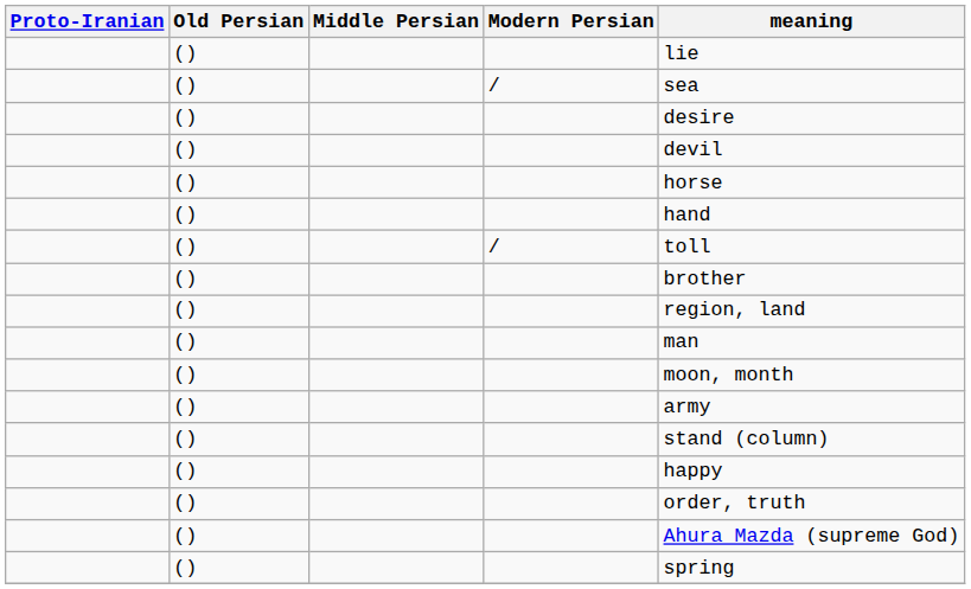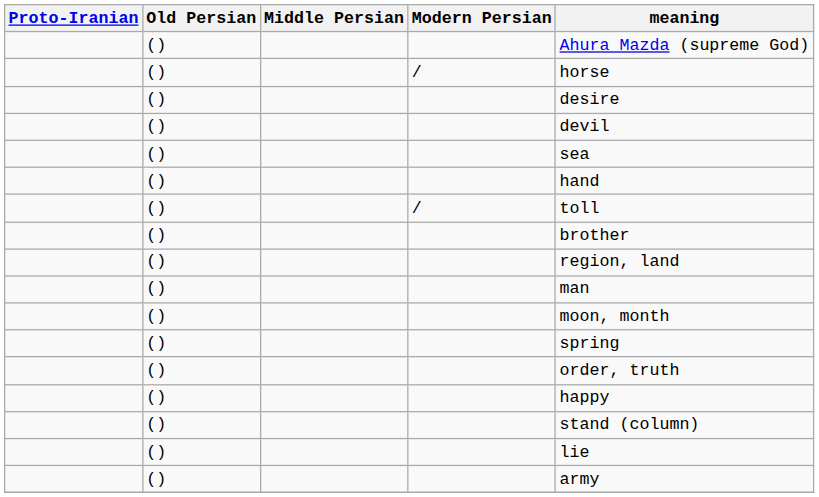 <table class="wikitable">
 <tr>
 <th><a href='#'>Proto-Iranian</a></th>
 <th>Old Persian</th>
 <th>Middle Persian</th>
 <th>Modern Persian</th>
 <th>meaning</th>
 </tr>
 <tr>
 <td></td>
 <td> ()</td>
 <td> </td>
 <td> </td>
-<td>lie</td>
+<td><a href='#'>Ahura Mazda</a> (supreme God)</td>
 </tr>
 <tr>
 <td></td>
 <td> ()</td>
 <td></td>
 <td>  /  </td>
-<td>sea</td>
+<td>horse</td>
 </tr>
 <tr>
 <td></td>
 <td> ()</td>
 <td></td>
 <td> </td>
 <td>desire</td>
 </tr>
 <tr>
 <td></td>
 <td> ()</td>
 <td></td>
 <td> </td>
 <td>devil</td>
 </tr>
 <tr>
 <td></td>
 <td> ()</td>
 <td></td>
 <td> </td>
-<td>horse</td>
+<td>sea</td>
 </tr>
 <tr>
 <td></td>
 <td> ()</td>
 <td> </td>
 <td> </td>
 <td>hand</td>
 </tr>
 <tr>
 <td></td>
 <td> ()</td>
 <td></td>
 <td>  /  </td>
 <td>toll</td>
 </tr>
 <tr>
 <td></td>
 <td> ()</td>
 <td></td>
 <td> </td>
 <td>brother</td>
 </tr>
 <tr>
 <td></td>
 <td> ()</td>
 <td> </td>
 <td> </td>
 <td>region, land</td>
 </tr>
 <tr>
 <td></td>
 <td> ()</td>
 <td></td>
 <td> </td>
 <td>man</td>
 </tr>
 <tr>
 <td></td>
 <td> ()</td>
 <td> </td>
 <td> </td>
 <td>moon, month</td>
 </tr>
 <tr>
 <td></td>
 <td> ()</td>
 <td></td>
 <td> </td>
-<td>army</td>
+<td>spring</td>
 </tr>
 <tr>
 <td></td>
 <td> ()</td>
 <td></td>
 <td> </td>
-<td>stand (column)</td>
+<td>order, truth</td>
 </tr>
 <tr>
 <td></td>
 <td> ()</td>
 <td></td>
 <td> </td>
 <td>happy</td>
 </tr>
 <tr>
 <td></td>
 <td>  ()</td>
 <td></td>
 <td> </td>
-<td>order, truth</td>
+<td>stand (column)</td>
 </tr>
 <tr>
 <td></td>
 <td> ()</td>
 <td></td>
 <td> </td>
-<td><a href='#'>Ahura Mazda</a> (supreme God)</td>
+<td>lie</td>
 </tr>
 <tr>
 <td></td>
 <td> ()</td>
 <td> </td>
 <td> </td>
-<td>spring</td>
+<td>army</td>
 </tr>
 <tr>
 </tr>
 </table>
